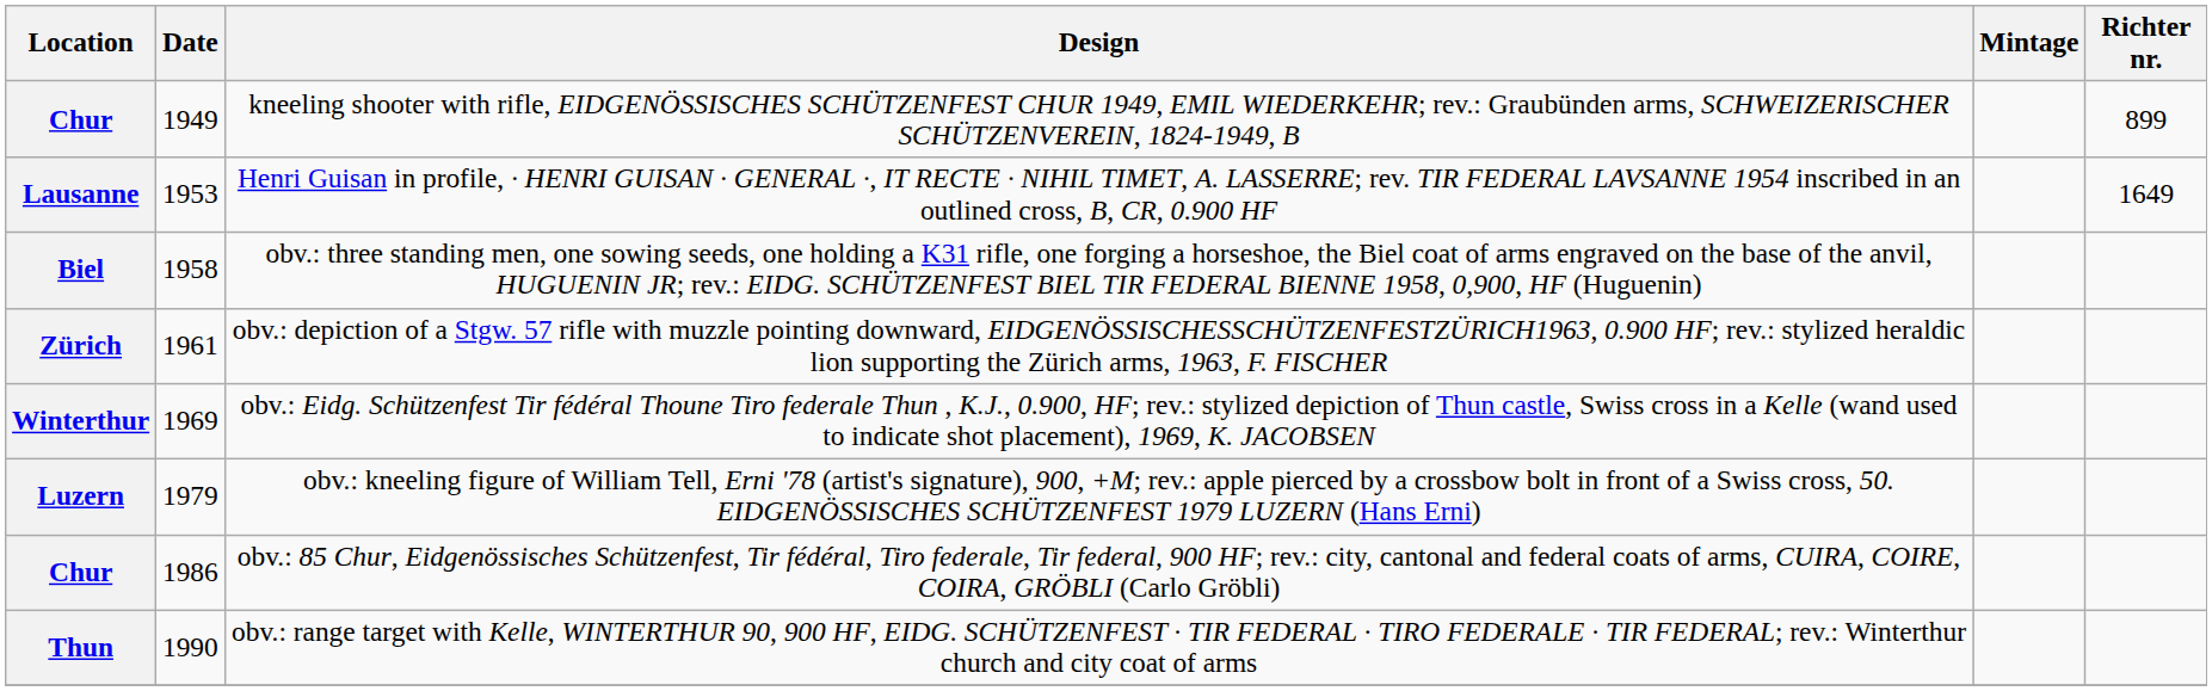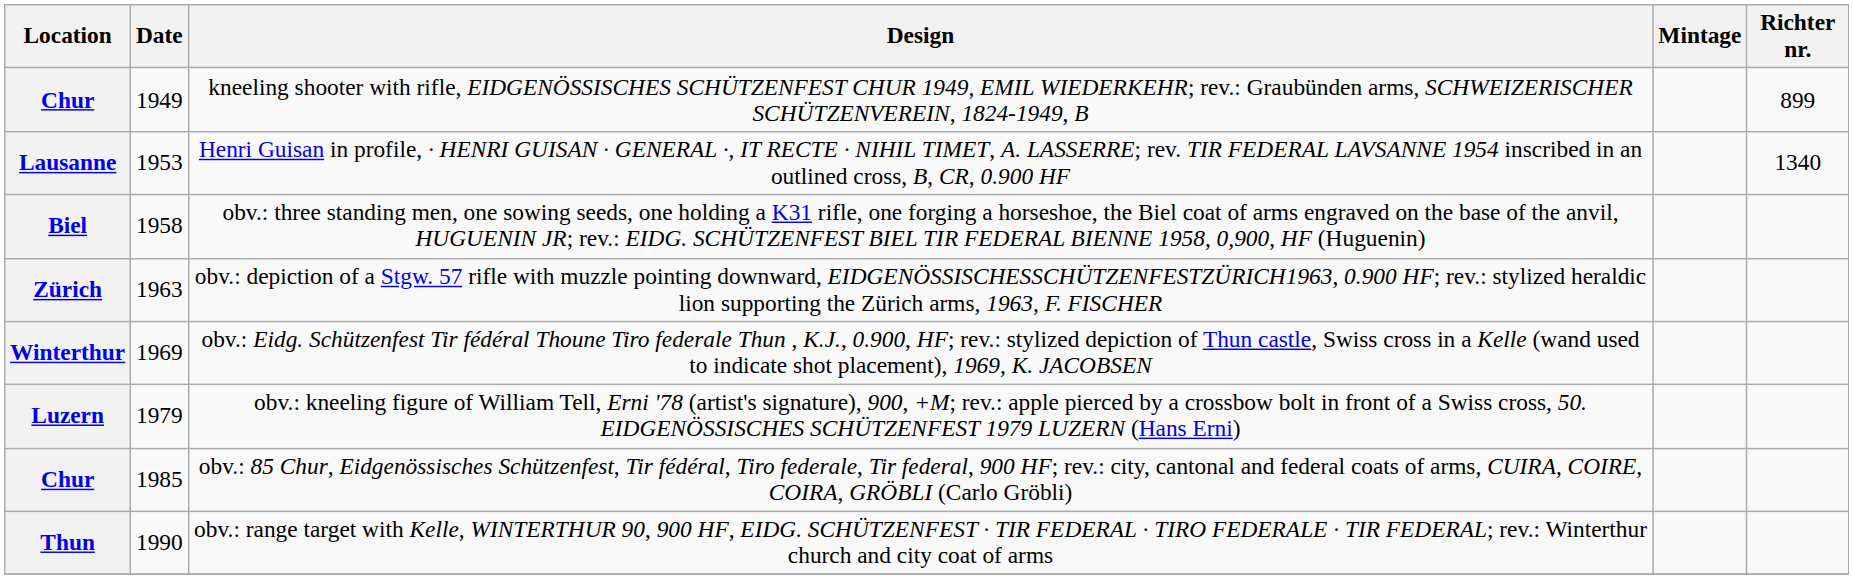 <table class="wikitable sortable" width="100%" style="text-align:center;">
 <tr>
 <th scope="col">Location</th>
 <th scope="col">Date</th>
 <th scope="col">Design</th>
 <th scope="col">Mintage</th>
 <th scope="col">Richter nr.</th>
 </tr>
 <tr>
 <th scope="row"><a href='#'>Chur</a></th>
 <td>1949</td>
 <td>kneeling shooter with rifle, <em>EIDGENÖSSISCHES SCHÜTZENFEST CHUR 1949</em>, <em>EMIL WIEDERKEHR</em>; rev.: Graubünden arms, <em>SCHWEIZERISCHER SCHÜTZENVEREIN</em>, <em>1824-1949</em>, <em>B</em></td>
 <td></td>
 <td>899</td>
 </tr>
 <tr>
 <th scope="row"><a href='#'>Lausanne</a></th>
 <td>1953</td>
 <td><a href='#'>Henri Guisan</a> in profile, <em>· HENRI GUISAN · GENERAL ·</em>,  <em>IT RECTE · NIHIL TIMET</em>, <em>A. LASSERRE</em>; rev. <em>TIR FEDERAL LAVSANNE 1954</em> inscribed in an outlined cross, <em>B</em>, <em>CR</em>, <em>0.900 HF</em></td>
 <td></td>
-<td>1649</td>
+<td>1340</td>
 </tr>
 <tr>
 <th scope="row"><a href='#'>Biel</a></th>
 <td>1958</td>
 <td>obv.: three standing men, one sowing seeds, one holding a <a href='#'>K31</a> rifle, one forging a horseshoe, the Biel coat of arms engraved on the base of the anvil, <em>HUGUENIN JR</em>; rev.: <em>EIDG. SCHÜTZENFEST BIEL TIR FEDERAL BIENNE 1958</em>, <em>0,900</em>, <em>HF</em> (Huguenin)</td>
 <td></td>
 <td></td>
 </tr>
 <tr>
 <th scope="row"><a href='#'>Zürich</a></th>
-<td>1961</td>
+<td>1963</td>
 <td>obv.: depiction of a <a href='#'>Stgw. 57</a> rifle with muzzle pointing downward, <em>EIDGENÖSSISCHESSCHÜTZENFESTZÜRICH1963</em>, <em>0.900 HF</em>; rev.: stylized heraldic lion supporting the Zürich arms, <em>1963</em>, <em>F. FISCHER</em></td>
 <td></td>
 <td></td>
 </tr>
 <tr>
 <th scope="row"><a href='#'>Winterthur</a></th>
 <td>1969</td>
 <td>obv.: <em>Eidg. Schützenfest Tir fédéral Thoune Tiro federale Thun </em>, <em>K.J.</em>, <em>0.900</em>, <em>HF</em>; rev.: stylized depiction of <a href='#'>Thun castle</a>, Swiss cross in a <em>Kelle</em> (wand used to indicate shot placement), <em>1969</em>, <em>K. JACOBSEN</em></td>
 <td></td>
 <td></td>
 </tr>
 <tr>
 <th scope="row"><a href='#'>Luzern</a></th>
 <td>1979</td>
 <td>obv.: kneeling figure of William Tell, <em>Erni '78</em> (artist's signature), <em>900</em>, <em>+M</em>; rev.:  apple pierced by a crossbow bolt in front of a Swiss cross, <em>50. EIDGENÖSSISCHES SCHÜTZENFEST 1979 LUZERN</em> (<a href='#'>Hans Erni</a>)</td>
 <td></td>
 <td></td>
 </tr>
 <tr>
 <th scope="row"><a href='#'>Chur</a></th>
-<td>1986</td>
+<td>1985</td>
 <td>obv.: <em>85 Chur</em>, <em>Eidgenössisches Schützenfest</em>, <em>Tir fédéral</em>, <em>Tiro federale</em>, <em>Tir federal</em>, <em>900 HF</em>; rev.: city, cantonal and federal coats of arms, <em>CUIRA</em>, <em>COIRE</em>, <em>COIRA</em>, <em>GRÖBLI</em> (Carlo Gröbli)</td>
 <td></td>
 <td></td>
 </tr>
 <tr>
 <th scope="row"><a href='#'>Thun</a></th>
 <td>1990</td>
 <td>obv.: range target with <em>Kelle</em>, <em>WINTERTHUR 90</em>, <em>900 HF</em>, <em>EIDG. SCHÜTZENFEST · TIR FEDERAL · TIRO FEDERALE · TIR FEDERAL</em>; rev.: Winterthur church and city coat of arms</td>
 <td></td>
 <td></td>
 </tr>
 <tr>
 </tr>
 </table>
